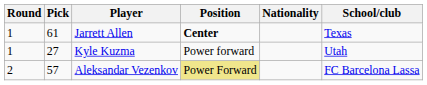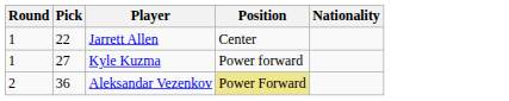 <table class="wikitable">
 <tr>
 <th scope="col">Round</th>
 <th scope="col">Pick</th>
 <th scope="col">Player</th>
 <th scope="col">Position</th>
 <th scope="col">Nationality</th>
-<th scope="col">School/club</th>
 </tr>
 <tr>
 <td>1</td>
-<td>61</td>
+<td>22</td>
 <td><a href='#'>Jarrett Allen</a></td>
-<td><strong>Center</strong></td>
+<td>Center</td>
 <td></td>
-<td><a href='#'>Texas</a></td>
 </tr>
 <tr>
 <td>1</td>
 <td>27</td>
 <td><a href='#'>Kyle Kuzma</a></td>
 <td>Power forward</td>
 <td></td>
-<td><a href='#'>Utah</a></td>
 </tr>
 <tr>
 <td>2</td>
-<td>57</td>
+<td>36</td>
 <td><a href='#'>Aleksandar Vezenkov</a></td>
 <td style="background: khaki;">Power Forward</td>
 <td></td>
-<td><a href='#'>FC Barcelona Lassa</a></td>
 </tr>
 </table>
